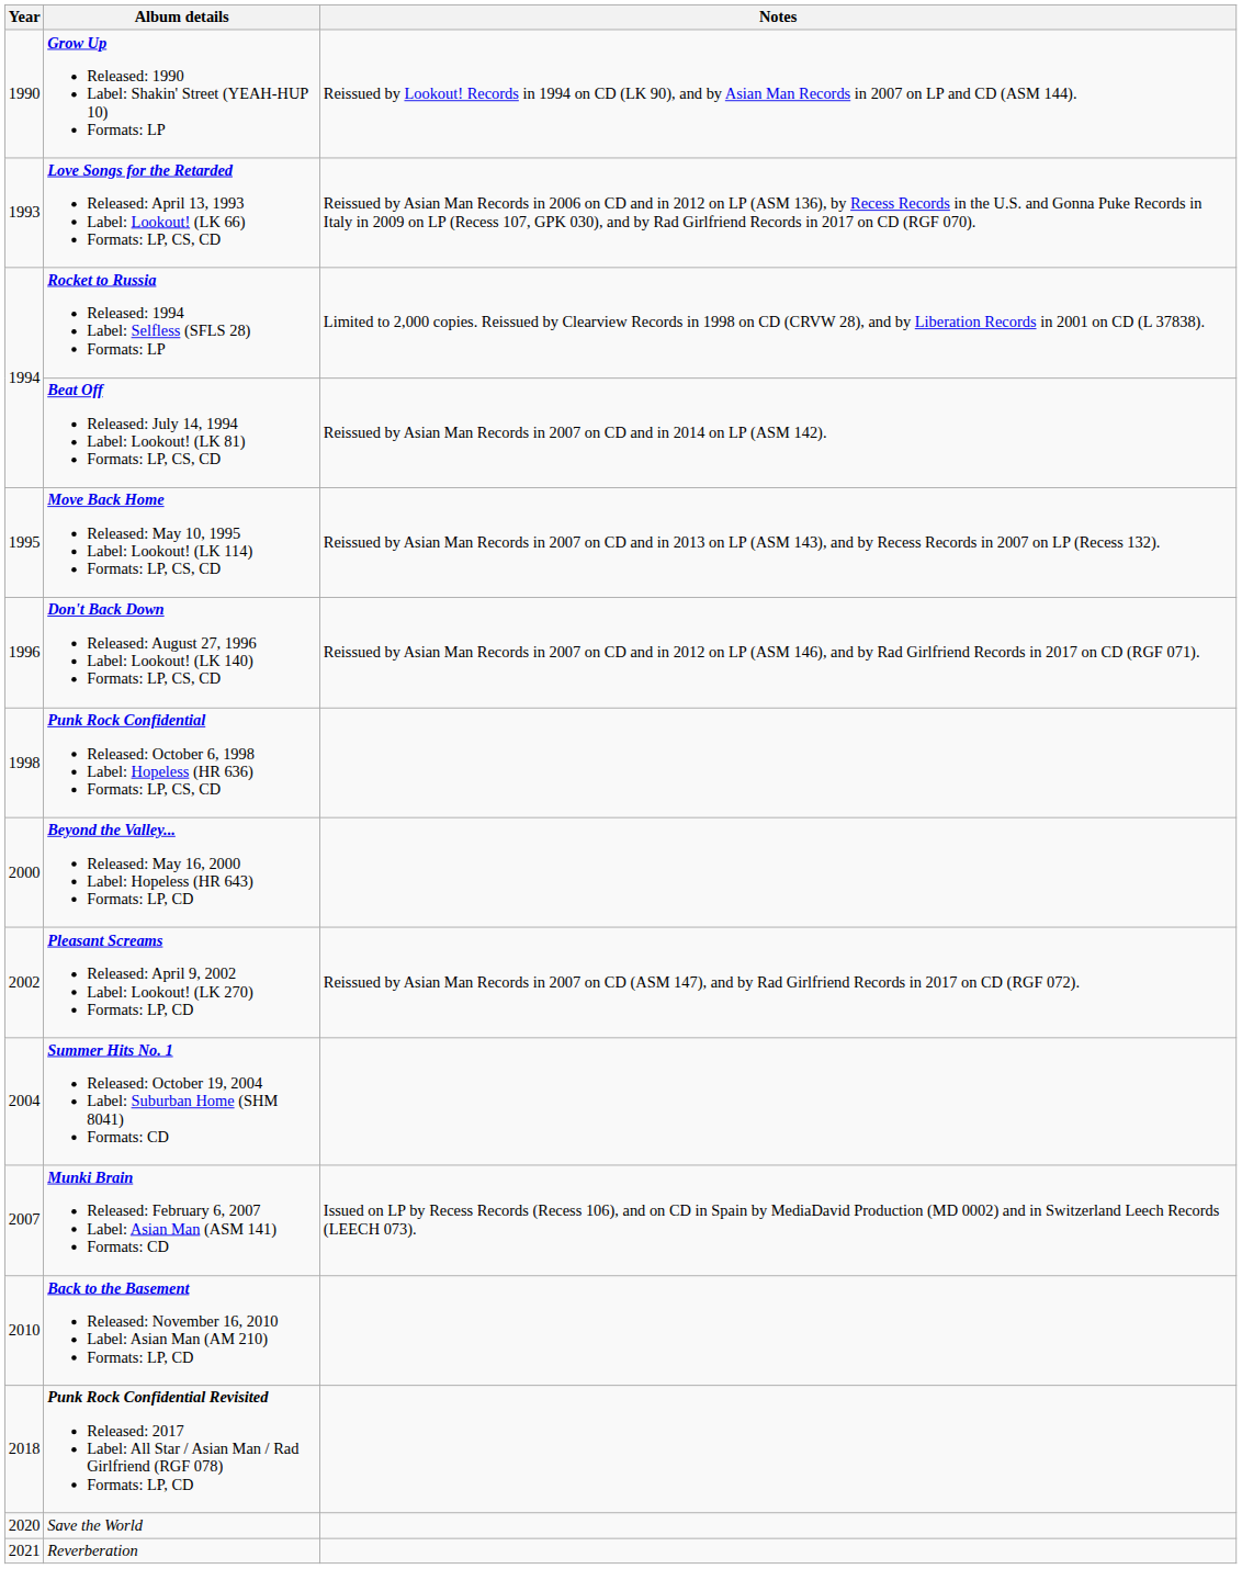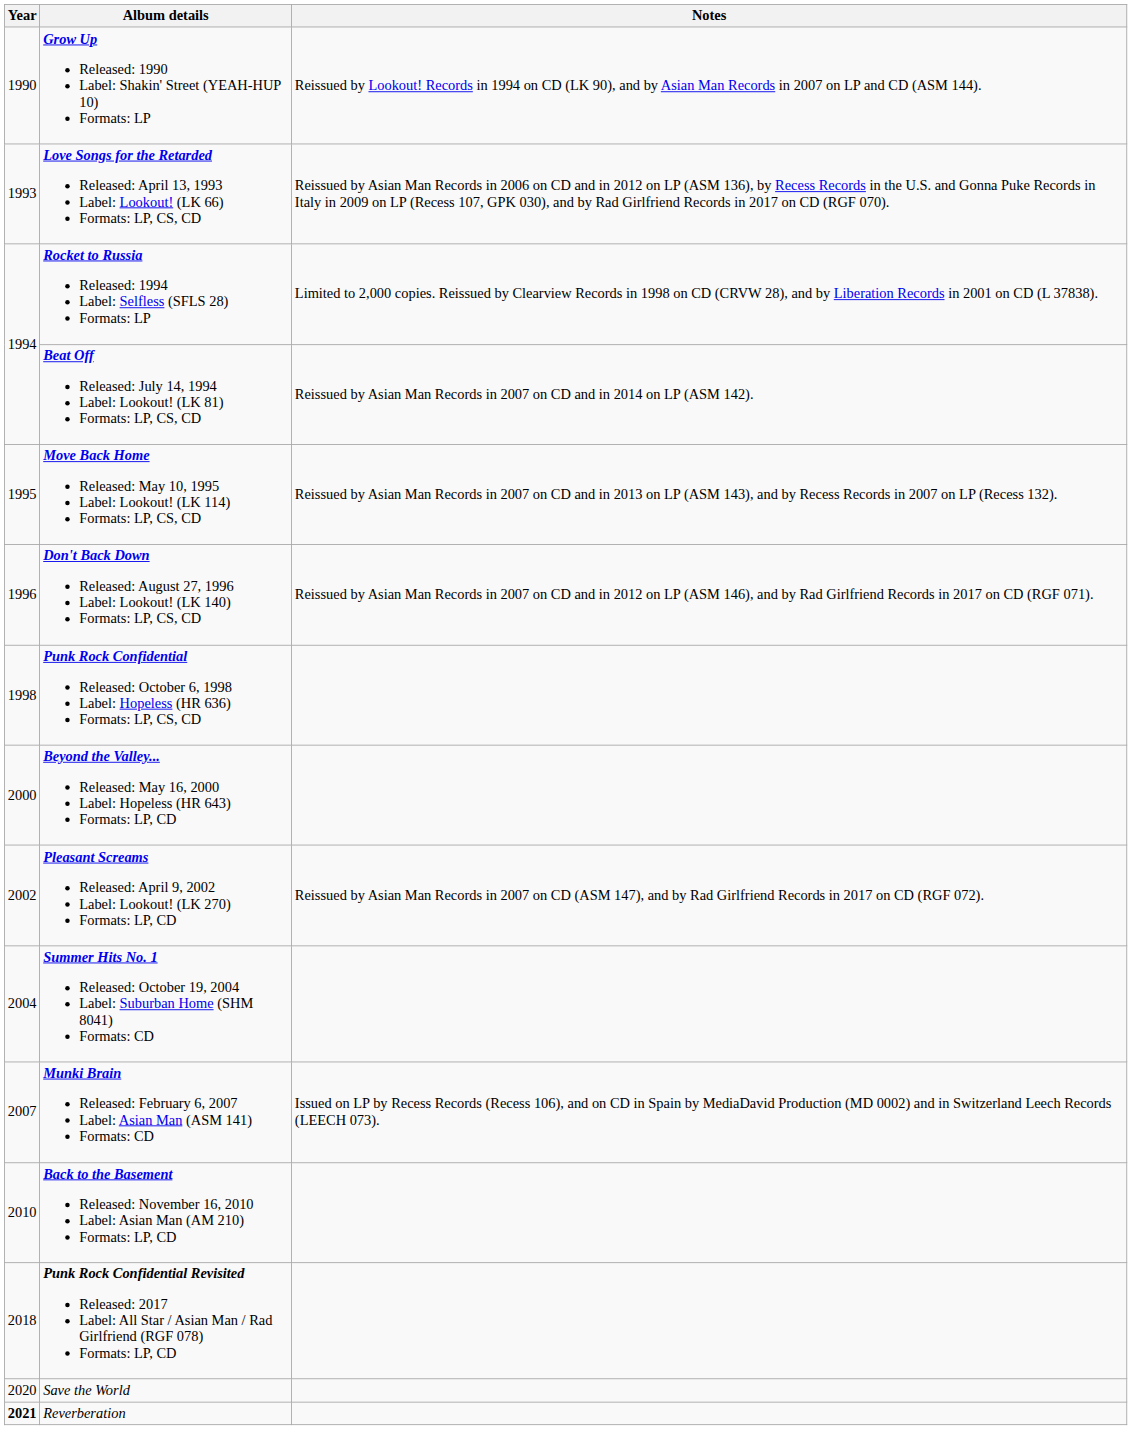 <table class ="wikitable">
 <tr>
 <th>Year</th>
 <th>Album details</th>
 <th>Notes</th>
 </tr>
 <tr>
 <td>1990</td>
 <td><strong><em><a href='#'>Grow Up</a></em></strong><br><ul><li>Released: 1990</li><li>Label: Shakin' Street (YEAH-HUP 10)</li><li>Formats: LP</li></ul></td>
 <td>Reissued by <a href='#'>Lookout! Records</a> in 1994 on CD (LK 90), and by <a href='#'>Asian Man Records</a> in 2007 on LP and CD (ASM 144).</td>
 </tr>
 <tr>
 <td>1993</td>
 <td><strong><em><a href='#'>Love Songs for the Retarded</a></em></strong><br><ul><li>Released: April 13, 1993</li><li>Label: <a href='#'>Lookout!</a> (LK 66)</li><li>Formats: LP, CS, CD</li></ul></td>
 <td>Reissued by Asian Man Records in 2006 on CD and in 2012 on LP (ASM 136), by <a href='#'>Recess Records</a> in the U.S. and Gonna Puke Records in Italy in 2009 on LP (Recess 107, GPK 030), and by Rad Girlfriend Records in 2017 on CD (RGF 070).</td>
 </tr>
 <tr>
 <td rowspan="2">1994</td>
 <td><strong><em><a href='#'>Rocket to Russia</a></em></strong><br><ul><li>Released: 1994</li><li>Label: <a href='#'>Selfless</a> (SFLS 28)</li><li>Formats: LP</li></ul></td>
 <td>Limited to 2,000 copies. Reissued by Clearview Records in 1998 on CD (CRVW 28), and by <a href='#'>Liberation Records</a> in 2001 on CD (L 37838).</td>
 </tr>
 <tr>
 <td><strong><em><a href='#'>Beat Off</a></em></strong><br><ul><li>Released: July 14, 1994</li><li>Label: Lookout! (LK 81)</li><li>Formats: LP, CS, CD</li></ul></td>
 <td>Reissued by Asian Man Records in 2007 on CD and in 2014 on LP (ASM 142).</td>
 </tr>
 <tr>
 <td>1995</td>
 <td><strong><em><a href='#'>Move Back Home</a></em></strong><br><ul><li>Released: May 10, 1995</li><li>Label: Lookout! (LK 114)</li><li>Formats: LP, CS, CD</li></ul></td>
 <td>Reissued by Asian Man Records in 2007 on CD and in 2013 on LP (ASM 143), and by Recess Records in 2007 on LP (Recess 132).</td>
 </tr>
 <tr>
 <td>1996</td>
 <td><strong><em><a href='#'>Don't Back Down</a></em></strong><br><ul><li>Released: August 27, 1996</li><li>Label: Lookout! (LK 140)</li><li>Formats: LP, CS, CD</li></ul></td>
 <td>Reissued by Asian Man Records in 2007 on CD and in 2012 on LP (ASM 146), and by Rad Girlfriend Records in 2017 on CD (RGF 071).</td>
 </tr>
 <tr>
 <td>1998</td>
 <td><strong><em><a href='#'>Punk Rock Confidential</a></em></strong><br><ul><li>Released: October 6, 1998</li><li>Label: <a href='#'>Hopeless</a> (HR 636)</li><li>Formats: LP, CS, CD</li></ul></td>
 <td></td>
 </tr>
 <tr>
 <td>2000</td>
 <td><strong><em><a href='#'>Beyond the Valley...</a></em></strong><br><ul><li>Released: May 16, 2000</li><li>Label: Hopeless (HR 643)</li><li>Formats: LP, CD</li></ul></td>
 <td></td>
 </tr>
 <tr>
 <td>2002</td>
 <td><strong><em><a href='#'>Pleasant Screams</a></em></strong><br><ul><li>Released: April 9, 2002</li><li>Label: Lookout! (LK 270)</li><li>Formats: LP, CD</li></ul></td>
 <td>Reissued by Asian Man Records in 2007 on CD (ASM 147), and by Rad Girlfriend Records in 2017 on CD (RGF 072).</td>
 </tr>
 <tr>
 <td>2004</td>
 <td><strong><em><a href='#'>Summer Hits No. 1</a></em></strong><br><ul><li>Released: October 19, 2004</li><li>Label: <a href='#'>Suburban Home</a> (SHM 8041)</li><li>Formats: CD</li></ul></td>
 <td></td>
 </tr>
 <tr>
 <td>2007</td>
 <td><strong><em><a href='#'>Munki Brain</a></em></strong><br><ul><li>Released: February 6, 2007</li><li>Label: <a href='#'>Asian Man</a> (ASM 141)</li><li>Formats: CD</li></ul></td>
 <td>Issued on LP by Recess Records (Recess 106), and on CD in Spain by MediaDavid Production (MD 0002) and in Switzerland Leech Records (LEECH 073).</td>
 </tr>
 <tr>
 <td>2010</td>
 <td><strong><em><a href='#'>Back to the Basement</a></em></strong><br><ul><li>Released: November 16, 2010</li><li>Label: Asian Man (AM 210)</li><li>Formats: LP, CD</li></ul></td>
 <td></td>
 </tr>
 <tr>
 <td>2018</td>
 <td><strong><em>Punk Rock Confidential Revisited</em></strong><br><ul><li>Released: 2017</li><li>Label: All Star / Asian Man / Rad Girlfriend (RGF 078)</li><li>Formats: LP, CD</li></ul></td>
 <td></td>
 </tr>
 <tr>
 <td>2020</td>
 <td><em>Save the World</em></td>
 <td></td>
 </tr>
 <tr>
-<td>2021</td>
+<td><strong>2021</strong></td>
 <td><em>Reverberation</em></td>
 <td></td>
 </tr>
 </table>
